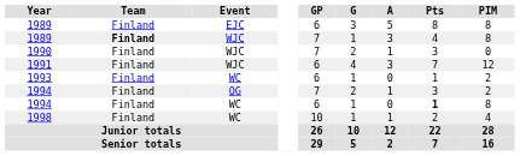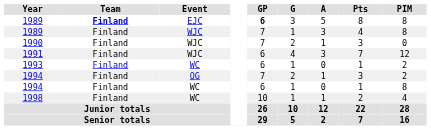 <table border="0" cellpadding="1" cellspacing="0" style="text-align:center; width:50em">
 <tr align="center" bgcolor="#e0e0e0">
 <th>Year</th>
 <th>Team</th>
 <th>Event</th>
 <th rowspan="99" bgcolor="#ffffff"> </th>
 <th>GP</th>
 <th>G</th>
 <th>A</th>
 <th>Pts</th>
 <th>PIM</th>
 </tr>
 <tr>
 <td><a href='#'>1989</a></td>
-<td><a href='#'>Finland</a></td>
+<td><strong><a href='#'>Finland</a></strong></td>
 <td><a href='#'>EJC</a></td>
-<td>6</td>
+<td><strong>6</strong></td>
 <td>3</td>
 <td>5</td>
 <td>8</td>
 <td>8</td>
 </tr>
 <tr bgcolor="#f0f0f0">
 <td><a href='#'>1989</a></td>
-<td><strong>Finland</strong></td>
+<td>Finland</td>
 <td><a href='#'>WJC</a></td>
 <td>7</td>
 <td>1</td>
 <td>3</td>
 <td>4</td>
 <td>8</td>
 </tr>
 <tr>
 <td><a href='#'>1990</a></td>
 <td>Finland</td>
 <td>WJC</td>
 <td>7</td>
 <td>2</td>
 <td>1</td>
 <td>3</td>
 <td>0</td>
 </tr>
 <tr bgcolor="#f0f0f0">
 <td><a href='#'>1991</a></td>
 <td>Finland</td>
 <td>WJC</td>
 <td>6</td>
 <td>4</td>
 <td>3</td>
 <td>7</td>
 <td>12</td>
 </tr>
 <tr>
 <td><a href='#'>1993</a></td>
 <td><a href='#'>Finland</a></td>
 <td><a href='#'>WC</a></td>
 <td>6</td>
 <td>1</td>
 <td>0</td>
 <td>1</td>
 <td>2</td>
 </tr>
 <tr bgcolor="#f0f0f0">
 <td><a href='#'>1994</a></td>
 <td>Finland</td>
 <td><a href='#'>OG</a></td>
 <td>7</td>
 <td>2</td>
 <td>1</td>
 <td>3</td>
 <td>2</td>
 </tr>
 <tr>
 <td><a href='#'>1994</a></td>
 <td>Finland</td>
 <td>WC</td>
 <td>6</td>
 <td>1</td>
 <td>0</td>
-<td><strong>1</strong></td>
+<td>1</td>
 <td>8</td>
 </tr>
 <tr bgcolor="#f0f0f0">
 <td><a href='#'>1998</a></td>
 <td>Finland</td>
 <td>WC</td>
 <td>10</td>
 <td>1</td>
 <td>1</td>
 <td>2</td>
 <td>4</td>
 </tr>
 <tr bgcolor="#e0e0e0">
 <th colspan=3>Junior totals</th>
 <th>26</th>
 <th>10</th>
 <th>12</th>
 <th>22</th>
 <th>28</th>
 </tr>
 <tr bgcolor="#e0e0e0">
 <th colspan=3>Senior totals</th>
 <th>29</th>
 <th>5</th>
 <th>2</th>
 <th>7</th>
 <th>16</th>
 </tr>
 </table>
